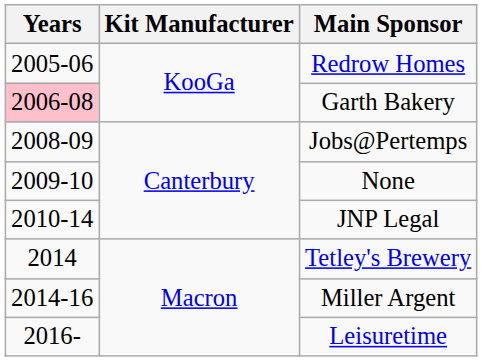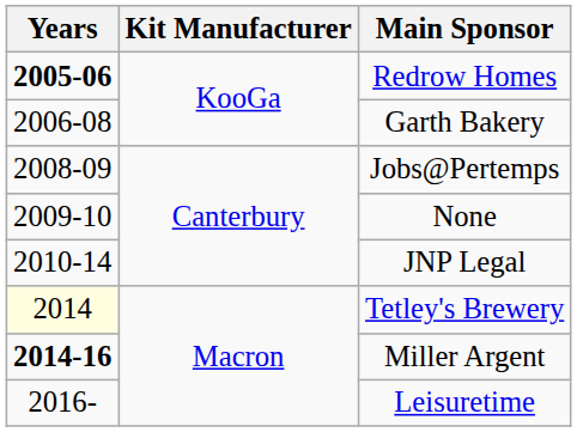 <table class="wikitable" style="text-align:center;margin-left:1em">
 <tr>
 <th>Years</th>
 <th>Kit Manufacturer</th>
 <th>Main Sponsor</th>
 </tr>
 <tr>
-<td>2005-06</td>
+<td><strong>2005-06</strong></td>
 <td rowspan=2><a href='#'>KooGa</a></td>
 <td><a href='#'>Redrow Homes</a></td>
 </tr>
 <tr>
-<td style="background: pink;">2006-08</td>
+<td>2006-08</td>
 <td>Garth Bakery</td>
 </tr>
 <tr>
 <td>2008-09</td>
 <td rowspan=3><a href='#'>Canterbury</a></td>
 <td>Jobs@Pertemps</td>
 </tr>
 <tr>
 <td>2009-10</td>
 <td>None</td>
 </tr>
 <tr>
 <td>2010-14</td>
 <td>JNP Legal</td>
 </tr>
 <tr>
-<td>2014</td>
+<td style="background: lightyellow;">2014</td>
 <td rowspan=3><a href='#'>Macron</a></td>
 <td><a href='#'>Tetley's Brewery</a></td>
 </tr>
 <tr>
-<td>2014-16</td>
+<td><strong>2014-16</strong></td>
 <td>Miller Argent</td>
 </tr>
 <tr>
 <td>2016-</td>
 <td><a href='#'>Leisuretime</a></td>
 </tr>
 </table>
